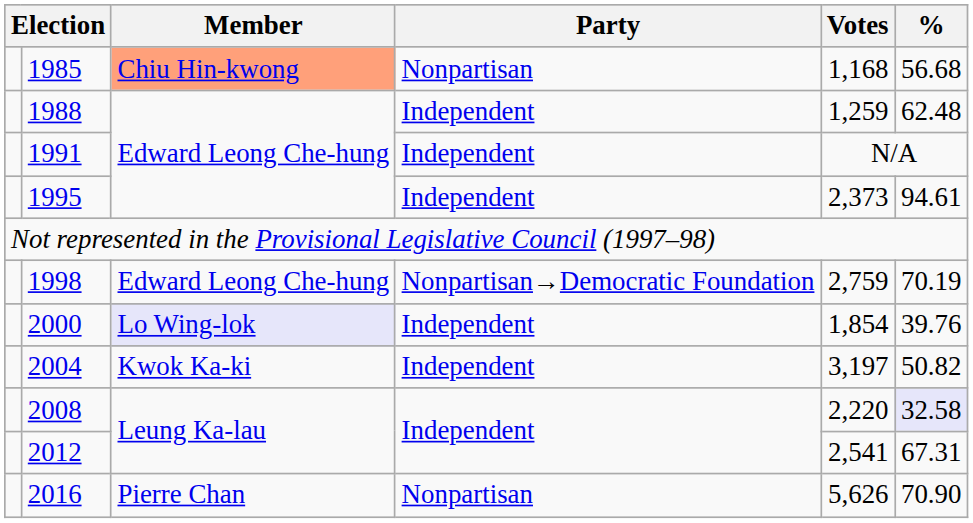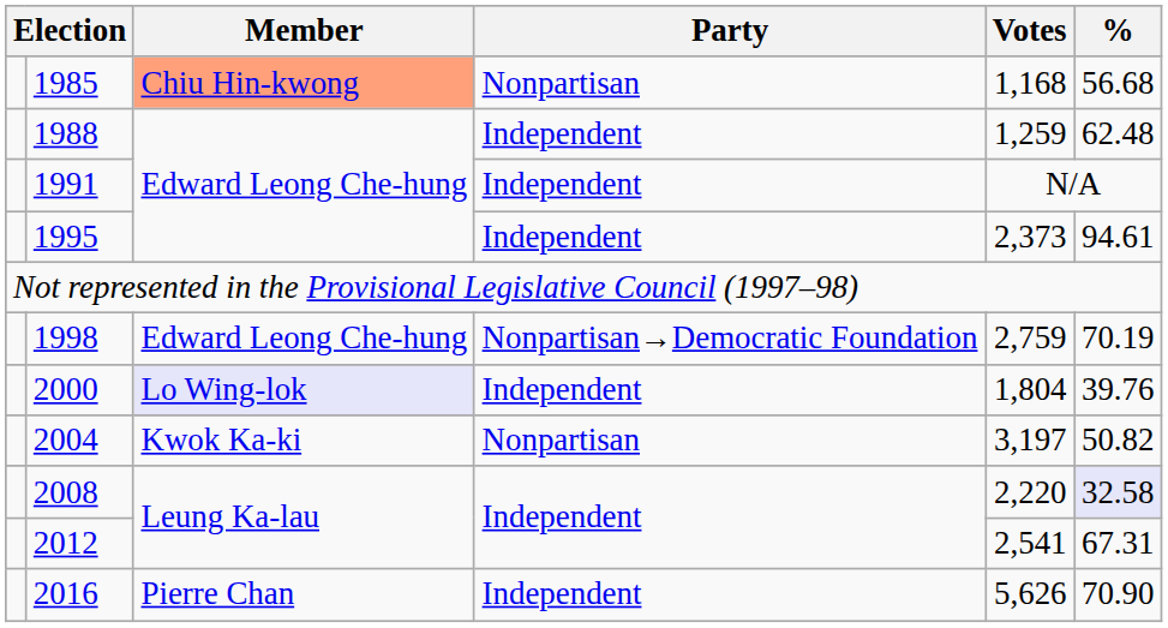 <table class="wikitable">
 <tr>
 <th colspan="2">Election</th>
 <th>Member</th>
 <th>Party</th>
 <th>Votes</th>
 <th>%</th>
 </tr>
 <tr>
 <td style="background-color:"></td>
 <td><a href='#'>1985</a></td>
 <td style="background: lightsalmon;"><a href='#'>Chiu Hin-kwong</a></td>
 <td><a href='#'>Nonpartisan</a></td>
 <td align=right>1,168</td>
 <td align=right>56.68</td>
 </tr>
 <tr>
 <td style="background-color:"></td>
 <td><a href='#'>1988</a></td>
 <td rowspan=3><a href='#'>Edward Leong Che-hung</a></td>
 <td><a href='#'>Independent</a></td>
 <td align=right>1,259</td>
 <td align=right>62.48</td>
 </tr>
 <tr>
 <td style="background-color:"></td>
 <td><a href='#'>1991</a></td>
 <td><a href='#'>Independent</a></td>
 <td align=center colspan=2>N/A</td>
 </tr>
 <tr>
 <td style="background-color:"></td>
 <td><a href='#'>1995</a></td>
 <td><a href='#'>Independent</a></td>
 <td align=right>2,373</td>
 <td align=right>94.61</td>
 </tr>
 <tr>
 <td colspan=6><em>Not represented in the <a href='#'>Provisional Legislative Council</a> (1997–98)</em></td>
 </tr>
 <tr>
 <td style="background-color:"></td>
 <td><a href='#'>1998</a></td>
 <td><a href='#'>Edward Leong Che-hung</a></td>
 <td><a href='#'>Nonpartisan</a>→<a href='#'>Democratic Foundation</a></td>
 <td align=right>2,759</td>
 <td align=right>70.19</td>
 </tr>
 <tr>
 <td style="background-color:"></td>
 <td><a href='#'>2000</a></td>
 <td style="background: lavender;"><a href='#'>Lo Wing-lok</a></td>
 <td><a href='#'>Independent</a></td>
-<td align=right>1,854</td>
+<td align=right>1,804</td>
 <td align=right>39.76</td>
 </tr>
 <tr>
 <td style="background-color:"></td>
 <td><a href='#'>2004</a></td>
 <td><a href='#'>Kwok Ka-ki</a></td>
-<td><a href='#'>Independent</a></td>
+<td><a href='#'>Nonpartisan</a></td>
 <td align=right>3,197</td>
 <td align=right>50.82</td>
 </tr>
 <tr>
 <td style="background-color:"></td>
 <td><a href='#'>2008</a></td>
 <td rowspan=2><a href='#'>Leung Ka-lau</a></td>
 <td rowspan=2><a href='#'>Independent</a></td>
 <td align=right>2,220</td>
 <td align=right style="background: lavender;">32.58</td>
 </tr>
 <tr>
 <td style="background-color:"></td>
 <td><a href='#'>2012</a></td>
 <td align=right>2,541</td>
 <td align=right>67.31</td>
 </tr>
 <tr>
 <td style="background-color:"></td>
 <td><a href='#'>2016</a></td>
 <td><a href='#'>Pierre Chan</a></td>
-<td><a href='#'>Nonpartisan</a></td>
+<td><a href='#'>Independent</a></td>
 <td align=right>5,626</td>
 <td align=right>70.90</td>
 </tr>
 </table>
